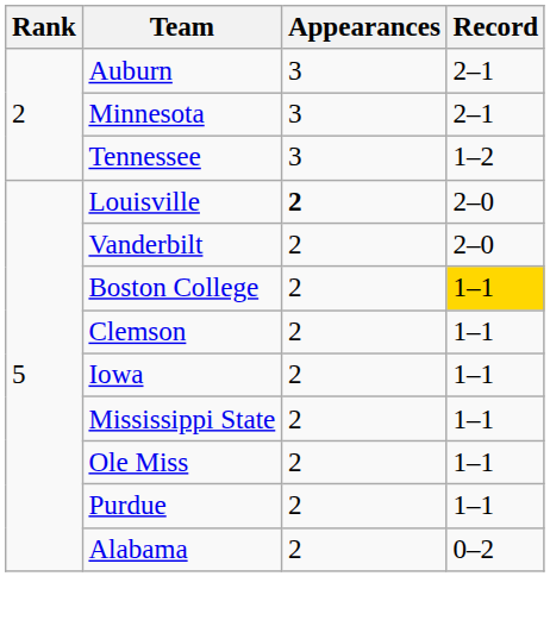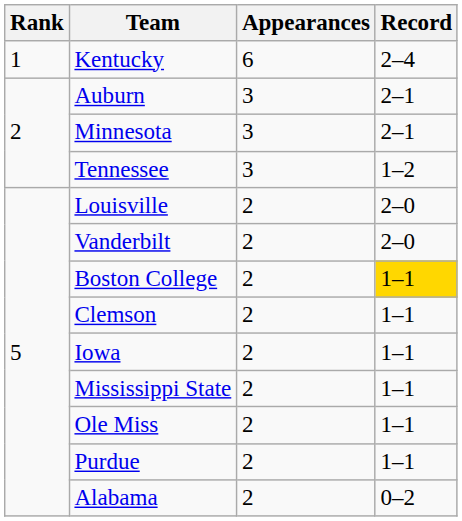 <table class = "wikitable">
 <tr>
 <th>Rank</th>
 <th>Team</th>
 <th>Appearances</th>
 <th>Record</th>
+</tr>
+<tr>
+<td>1</td>
+<td><a href='#'>Kentucky</a></td>
+<td>6</td>
+<td>2–4</td>
 </tr>
 <tr>
 <td rowspan=3>2</td>
 <td><a href='#'>Auburn</a></td>
 <td>3</td>
 <td>2–1</td>
 </tr>
 <tr>
 <td><a href='#'>Minnesota</a></td>
 <td>3</td>
 <td>2–1</td>
 </tr>
 <tr>
 <td><a href='#'>Tennessee</a></td>
 <td>3</td>
 <td>1–2</td>
 </tr>
 <tr>
 <td rowspan=9>5</td>
 <td><a href='#'>Louisville</a></td>
-<td><strong>2</strong></td>
+<td>2</td>
 <td>2–0</td>
 </tr>
 <tr>
 <td><a href='#'>Vanderbilt</a></td>
 <td>2</td>
 <td>2–0</td>
 </tr>
 <tr>
 <td><a href='#'>Boston College</a></td>
 <td>2</td>
 <td style="background: gold;">1–1</td>
 </tr>
 <tr>
 <td><a href='#'>Clemson</a></td>
 <td>2</td>
 <td>1–1</td>
 </tr>
 <tr>
 <td><a href='#'>Iowa</a></td>
 <td>2</td>
 <td>1–1</td>
 </tr>
 <tr>
 <td><a href='#'>Mississippi State</a></td>
 <td>2</td>
 <td>1–1</td>
 </tr>
 <tr>
 <td><a href='#'>Ole Miss</a></td>
 <td>2</td>
 <td>1–1</td>
 </tr>
 <tr>
 <td><a href='#'>Purdue</a></td>
 <td>2</td>
 <td>1–1</td>
 </tr>
 <tr>
 <td><a href='#'>Alabama</a></td>
 <td>2</td>
 <td>0–2</td>
 </tr>
 </table>
